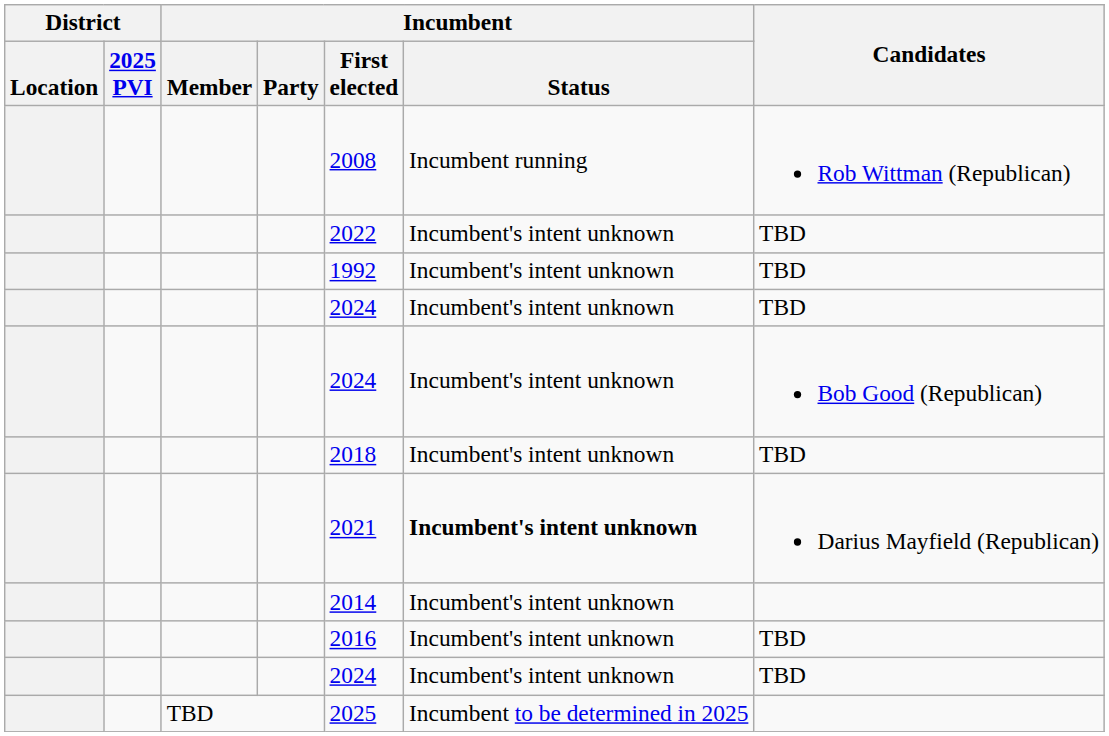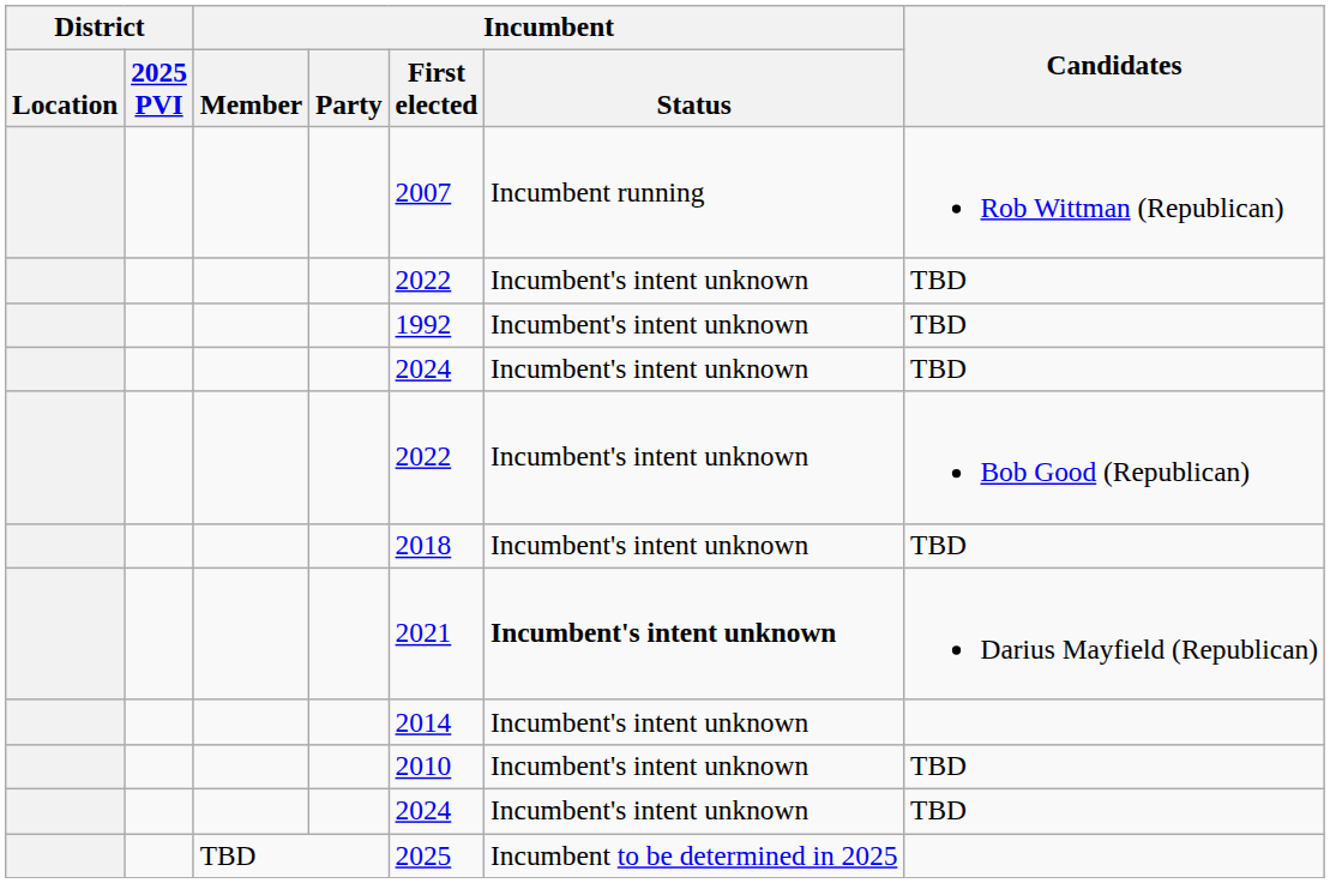 <table class="wikitable sortable">
 <tr>
 <th colspan=2>District</th>
 <th colspan=4>Incumbent</th>
 <th rowspan=2 class="unsortable">Candidates</th>
 </tr>
 <tr valign=bottom>
 <th>Location</th>
 <th><a href='#'>2025<br>PVI</a></th>
 <th>Member</th>
 <th>Party</th>
 <th>First<br>elected</th>
 <th>Status</th>
 </tr>
 <tr>
 <th></th>
 <td></td>
 <td></td>
 <td></td>
-<td><a href='#'>2008 </a></td>
+<td><a href='#'>2007 </a></td>
 <td>Incumbent running</td>
 <td nowrap><br><ul><li><a href='#'>Rob Wittman</a> (Republican)</li></ul></td>
 </tr>
 <tr>
 <th></th>
 <td></td>
 <td></td>
 <td></td>
 <td><a href='#'>2022</a></td>
 <td>Incumbent's intent unknown</td>
 <td>TBD</td>
 </tr>
 <tr>
 <th></th>
 <td></td>
 <td></td>
 <td></td>
 <td><a href='#'>1992</a></td>
 <td>Incumbent's intent unknown</td>
 <td>TBD</td>
 </tr>
 <tr>
 <th></th>
 <td></td>
 <td></td>
 <td></td>
 <td><a href='#'>2024 </a></td>
 <td>Incumbent's intent unknown</td>
 <td>TBD</td>
 </tr>
 <tr>
 <th></th>
 <td></td>
 <td></td>
 <td></td>
-<td><a href='#'>2024</a></td>
+<td><a href='#'>2022</a></td>
 <td>Incumbent's intent unknown</td>
 <td nowrap><br><ul><li><a href='#'>Bob Good</a> (Republican)</li></ul></td>
 </tr>
 <tr>
 <th></th>
 <td></td>
 <td></td>
 <td></td>
 <td><a href='#'>2018</a></td>
 <td>Incumbent's intent unknown</td>
 <td>TBD</td>
 </tr>
 <tr>
 <th></th>
 <td></td>
 <td></td>
 <td></td>
 <td><a href='#'>2021</a></td>
 <td><strong>Incumbent's intent unknown</strong></td>
 <td nowrap><br><ul><li>Darius Mayfield (Republican)</li></ul></td>
 </tr>
 <tr>
 <th></th>
 <td></td>
 <td></td>
 <td></td>
 <td><a href='#'>2014</a></td>
 <td>Incumbent's intent unknown</td>
 <td></td>
 </tr>
 <tr>
 <th></th>
 <td></td>
 <td></td>
 <td></td>
-<td><a href='#'>2016</a></td>
+<td><a href='#'>2010</a></td>
 <td>Incumbent's intent unknown</td>
 <td>TBD</td>
 </tr>
 <tr>
 <th></th>
 <td></td>
 <td></td>
 <td></td>
 <td><a href='#'>2024</a></td>
 <td>Incumbent's intent unknown</td>
 <td>TBD</td>
 </tr>
 <tr>
 <th></th>
 <td></td>
 <td colspan=2>TBD</td>
 <td><a href='#'>2025 </a></td>
 <td>Incumbent <a href='#'>to be determined in 2025</a></td>
 <td></td>
 </tr>
 </table>
